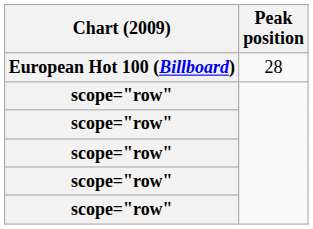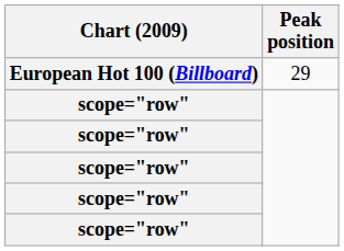 <table class="wikitable sortable plainrowheaders">
 <tr>
 <th>Chart (2009)</th>
 <th>Peak<br>position</th>
 </tr>
 <tr>
 <th scope="row">European Hot 100 (<a href='#'><em>Billboard</em></a>)</th>
-<td style="text-align:center;">28</td>
+<td style="text-align:center;">29</td>
 </tr>
 <tr>
 <th>scope="row"</th>
 </tr>
 <tr>
 <th>scope="row"</th>
 </tr>
 <tr>
 <th>scope="row"</th>
 </tr>
 <tr>
 <th>scope="row"</th>
 </tr>
 <tr>
 <th>scope="row"</th>
 </tr>
 </table>
